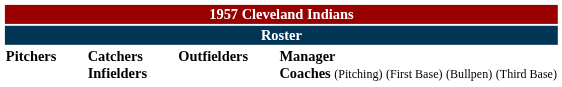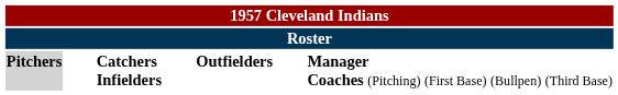 <table class="toccolours" style="font-size: 95%;">
 <tr>
 <th colspan="10" style="background-color: #990000; color: white; text-align: center;">1957 Cleveland Indians</th>
 </tr>
 <tr>
 <td colspan="10" style="background-color: #023456; color: white; text-align: center;"><strong>Roster</strong></td>
 </tr>
 <tr>
-<td valign="top"><strong>Pitchers</strong><br>               </td>
+<td valign="top" style="background: lightgrey;"><strong>Pitchers</strong><br>               </td>
 <td width="25px"></td>
 <td valign="top"><strong>Catchers</strong><br>    <strong>Infielders</strong>           </td>
 <td width="25px"></td>
 <td valign="top"><strong>Outfielders</strong><br>      </td>
 <td width="25px"></td>
 <td valign="top"><strong>Manager</strong><br> <strong>Coaches</strong>  <small>(Pitching)</small>  <small>(First Base)</small>  <small>(Bullpen)</small>  <small>(Third Base)</small></td>
 </tr>
 </table>
